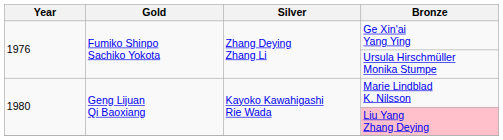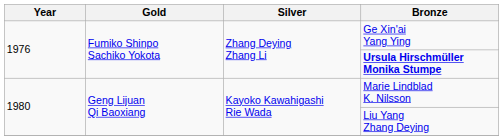 <table class="wikitable" style="text-align: left; width: 750px;">
 <tr>
 <th width="100">Year</th>
 <th width="175">Gold</th>
 <th width="175">Silver</th>
 <th width="175">Bronze</th>
 </tr>
 <tr>
 <td rowspan=2>1976</td>
 <td rowspan=2> <a href='#'>Fumiko Shinpo</a><br> <a href='#'>Sachiko Yokota</a></td>
 <td rowspan=2> <a href='#'>Zhang Deying</a><br> <a href='#'>Zhang Li</a></td>
 <td> <a href='#'>Ge Xin'ai</a><br> <a href='#'>Yang Ying</a></td>
 </tr>
 <tr>
-<td> <a href='#'>Ursula Hirschmüller</a><br> <a href='#'>Monika Stumpe</a></td>
+<td><strong> <a href='#'>Ursula Hirschmüller</a><br> <a href='#'>Monika Stumpe</a></strong></td>
 </tr>
 <tr>
 <td rowspan=2>1980</td>
 <td rowspan=2> <a href='#'>Geng Lijuan</a><br> <a href='#'>Qi Baoxiang</a></td>
 <td rowspan=2> <a href='#'>Kayoko Kawahigashi</a><br> <a href='#'>Rie Wada</a></td>
 <td> <a href='#'>Marie Lindblad</a><br> <a href='#'>K. Nilsson</a></td>
 </tr>
 <tr>
-<td style="background: pink;"> <a href='#'>Liu Yang</a><br> <a href='#'>Zhang Deying</a></td>
+<td> <a href='#'>Liu Yang</a><br> <a href='#'>Zhang Deying</a></td>
 </tr>
 <tr>
 </tr>
 </table>
